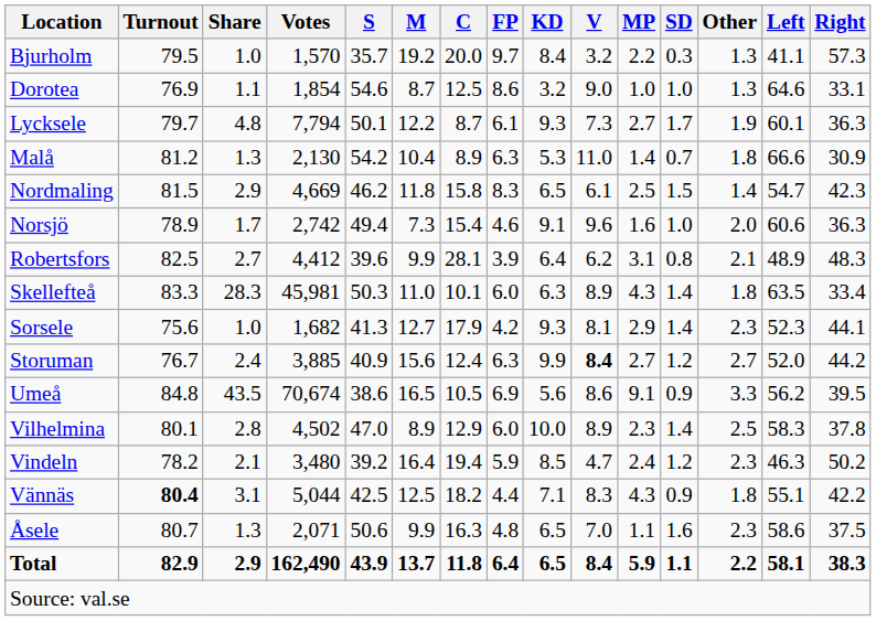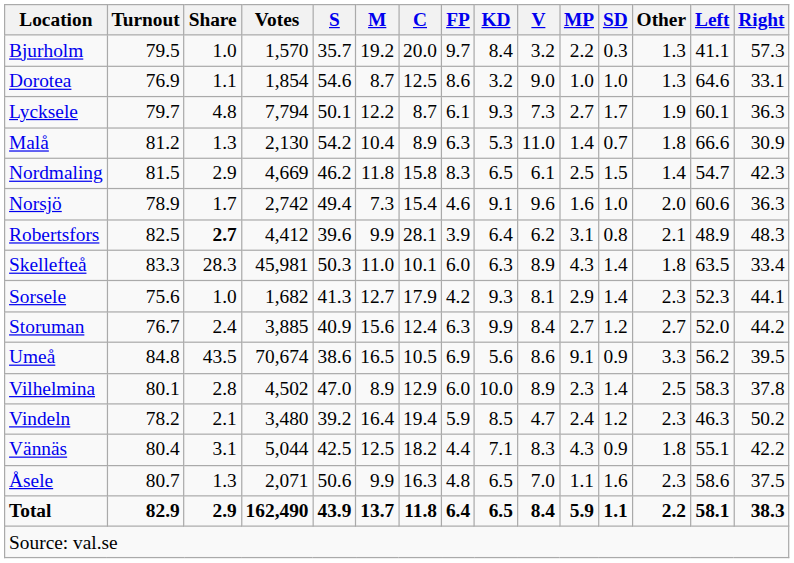 <table class="wikitable sortable" style=text-align:right>
 <tr>
 <th>Location</th>
 <th>Turnout</th>
 <th>Share</th>
 <th>Votes</th>
 <th><a href='#'>S</a></th>
 <th><a href='#'>M</a></th>
 <th><a href='#'>C</a></th>
 <th><a href='#'>FP</a></th>
 <th><a href='#'>KD</a></th>
 <th><a href='#'>V</a></th>
 <th><a href='#'>MP</a></th>
 <th><a href='#'>SD</a></th>
 <th>Other</th>
 <th><a href='#'>Left</a></th>
 <th><a href='#'>Right</a></th>
 </tr>
 <tr>
 <td align=left><a href='#'>Bjurholm</a></td>
 <td>79.5</td>
 <td>1.0</td>
 <td>1,570</td>
 <td>35.7</td>
 <td>19.2</td>
 <td>20.0</td>
 <td>9.7</td>
 <td>8.4</td>
 <td>3.2</td>
 <td>2.2</td>
 <td>0.3</td>
 <td>1.3</td>
 <td>41.1</td>
 <td>57.3</td>
 </tr>
 <tr>
 <td align=left><a href='#'>Dorotea</a></td>
 <td>76.9</td>
 <td>1.1</td>
 <td>1,854</td>
 <td>54.6</td>
 <td>8.7</td>
 <td>12.5</td>
 <td>8.6</td>
 <td>3.2</td>
 <td>9.0</td>
 <td>1.0</td>
 <td>1.0</td>
 <td>1.3</td>
 <td>64.6</td>
 <td>33.1</td>
 </tr>
 <tr>
 <td align=left><a href='#'>Lycksele</a></td>
 <td>79.7</td>
 <td>4.8</td>
 <td>7,794</td>
 <td>50.1</td>
 <td>12.2</td>
 <td>8.7</td>
 <td>6.1</td>
 <td>9.3</td>
 <td>7.3</td>
 <td>2.7</td>
 <td>1.7</td>
 <td>1.9</td>
 <td>60.1</td>
 <td>36.3</td>
 </tr>
 <tr>
 <td align=left><a href='#'>Malå</a></td>
 <td>81.2</td>
 <td>1.3</td>
 <td>2,130</td>
 <td>54.2</td>
 <td>10.4</td>
 <td>8.9</td>
 <td>6.3</td>
 <td>5.3</td>
 <td>11.0</td>
 <td>1.4</td>
 <td>0.7</td>
 <td>1.8</td>
 <td>66.6</td>
 <td>30.9</td>
 </tr>
 <tr>
 <td align=left><a href='#'>Nordmaling</a></td>
 <td>81.5</td>
 <td>2.9</td>
 <td>4,669</td>
 <td>46.2</td>
 <td>11.8</td>
 <td>15.8</td>
 <td>8.3</td>
 <td>6.5</td>
 <td>6.1</td>
 <td>2.5</td>
 <td>1.5</td>
 <td>1.4</td>
 <td>54.7</td>
 <td>42.3</td>
 </tr>
 <tr>
 <td align=left><a href='#'>Norsjö</a></td>
 <td>78.9</td>
 <td>1.7</td>
 <td>2,742</td>
 <td>49.4</td>
 <td>7.3</td>
 <td>15.4</td>
 <td>4.6</td>
 <td>9.1</td>
 <td>9.6</td>
 <td>1.6</td>
 <td>1.0</td>
 <td>2.0</td>
 <td>60.6</td>
 <td>36.3</td>
 </tr>
 <tr>
 <td align=left><a href='#'>Robertsfors</a></td>
 <td>82.5</td>
-<td>2.7</td>
+<td><strong>2.7</strong></td>
 <td>4,412</td>
 <td>39.6</td>
 <td>9.9</td>
 <td>28.1</td>
 <td>3.9</td>
 <td>6.4</td>
 <td>6.2</td>
 <td>3.1</td>
 <td>0.8</td>
 <td>2.1</td>
 <td>48.9</td>
 <td>48.3</td>
 </tr>
 <tr>
 <td align=left><a href='#'>Skellefteå</a></td>
 <td>83.3</td>
 <td>28.3</td>
 <td>45,981</td>
 <td>50.3</td>
 <td>11.0</td>
 <td>10.1</td>
 <td>6.0</td>
 <td>6.3</td>
 <td>8.9</td>
 <td>4.3</td>
 <td>1.4</td>
 <td>1.8</td>
 <td>63.5</td>
 <td>33.4</td>
 </tr>
 <tr>
 <td align=left><a href='#'>Sorsele</a></td>
 <td>75.6</td>
 <td>1.0</td>
 <td>1,682</td>
 <td>41.3</td>
 <td>12.7</td>
 <td>17.9</td>
 <td>4.2</td>
 <td>9.3</td>
 <td>8.1</td>
 <td>2.9</td>
 <td>1.4</td>
 <td>2.3</td>
 <td>52.3</td>
 <td>44.1</td>
 </tr>
 <tr>
 <td align=left><a href='#'>Storuman</a></td>
 <td>76.7</td>
 <td>2.4</td>
 <td>3,885</td>
 <td>40.9</td>
 <td>15.6</td>
 <td>12.4</td>
 <td>6.3</td>
 <td>9.9</td>
-<td><strong>8.4</strong></td>
+<td>8.4</td>
 <td>2.7</td>
 <td>1.2</td>
 <td>2.7</td>
 <td>52.0</td>
 <td>44.2</td>
 </tr>
 <tr>
 <td align=left><a href='#'>Umeå</a></td>
 <td>84.8</td>
 <td>43.5</td>
 <td>70,674</td>
 <td>38.6</td>
 <td>16.5</td>
 <td>10.5</td>
 <td>6.9</td>
 <td>5.6</td>
 <td>8.6</td>
 <td>9.1</td>
 <td>0.9</td>
 <td>3.3</td>
 <td>56.2</td>
 <td>39.5</td>
 </tr>
 <tr>
 <td align=left><a href='#'>Vilhelmina</a></td>
 <td>80.1</td>
 <td>2.8</td>
 <td>4,502</td>
 <td>47.0</td>
 <td>8.9</td>
 <td>12.9</td>
 <td>6.0</td>
 <td>10.0</td>
 <td>8.9</td>
 <td>2.3</td>
 <td>1.4</td>
 <td>2.5</td>
 <td>58.3</td>
 <td>37.8</td>
 </tr>
 <tr>
 <td align=left><a href='#'>Vindeln</a></td>
 <td>78.2</td>
 <td>2.1</td>
 <td>3,480</td>
 <td>39.2</td>
 <td>16.4</td>
 <td>19.4</td>
 <td>5.9</td>
 <td>8.5</td>
 <td>4.7</td>
 <td>2.4</td>
 <td>1.2</td>
 <td>2.3</td>
 <td>46.3</td>
 <td>50.2</td>
 </tr>
 <tr>
 <td align=left><a href='#'>Vännäs</a></td>
-<td><strong>80.4</strong></td>
+<td>80.4</td>
 <td>3.1</td>
 <td>5,044</td>
 <td>42.5</td>
 <td>12.5</td>
 <td>18.2</td>
 <td>4.4</td>
 <td>7.1</td>
 <td>8.3</td>
 <td>4.3</td>
 <td>0.9</td>
 <td>1.8</td>
 <td>55.1</td>
 <td>42.2</td>
 </tr>
 <tr>
 <td align=left><a href='#'>Åsele</a></td>
 <td>80.7</td>
 <td>1.3</td>
 <td>2,071</td>
 <td>50.6</td>
 <td>9.9</td>
 <td>16.3</td>
 <td>4.8</td>
 <td>6.5</td>
 <td>7.0</td>
 <td>1.1</td>
 <td>1.6</td>
 <td>2.3</td>
 <td>58.6</td>
 <td>37.5</td>
 </tr>
 <tr>
 <td align=left><strong>Total</strong></td>
 <td><strong>82.9</strong></td>
 <td><strong>2.9</strong></td>
 <td><strong>162,490</strong></td>
 <td><strong>43.9</strong></td>
 <td><strong>13.7</strong></td>
 <td><strong>11.8</strong></td>
 <td><strong>6.4</strong></td>
 <td><strong>6.5</strong></td>
 <td><strong>8.4</strong></td>
 <td><strong>5.9</strong></td>
 <td><strong>1.1</strong></td>
 <td><strong>2.2</strong></td>
 <td><strong>58.1</strong></td>
 <td><strong>38.3</strong></td>
 </tr>
 <tr>
 <td align=left colspan=15>Source: val.se </td>
 </tr>
 </table>
